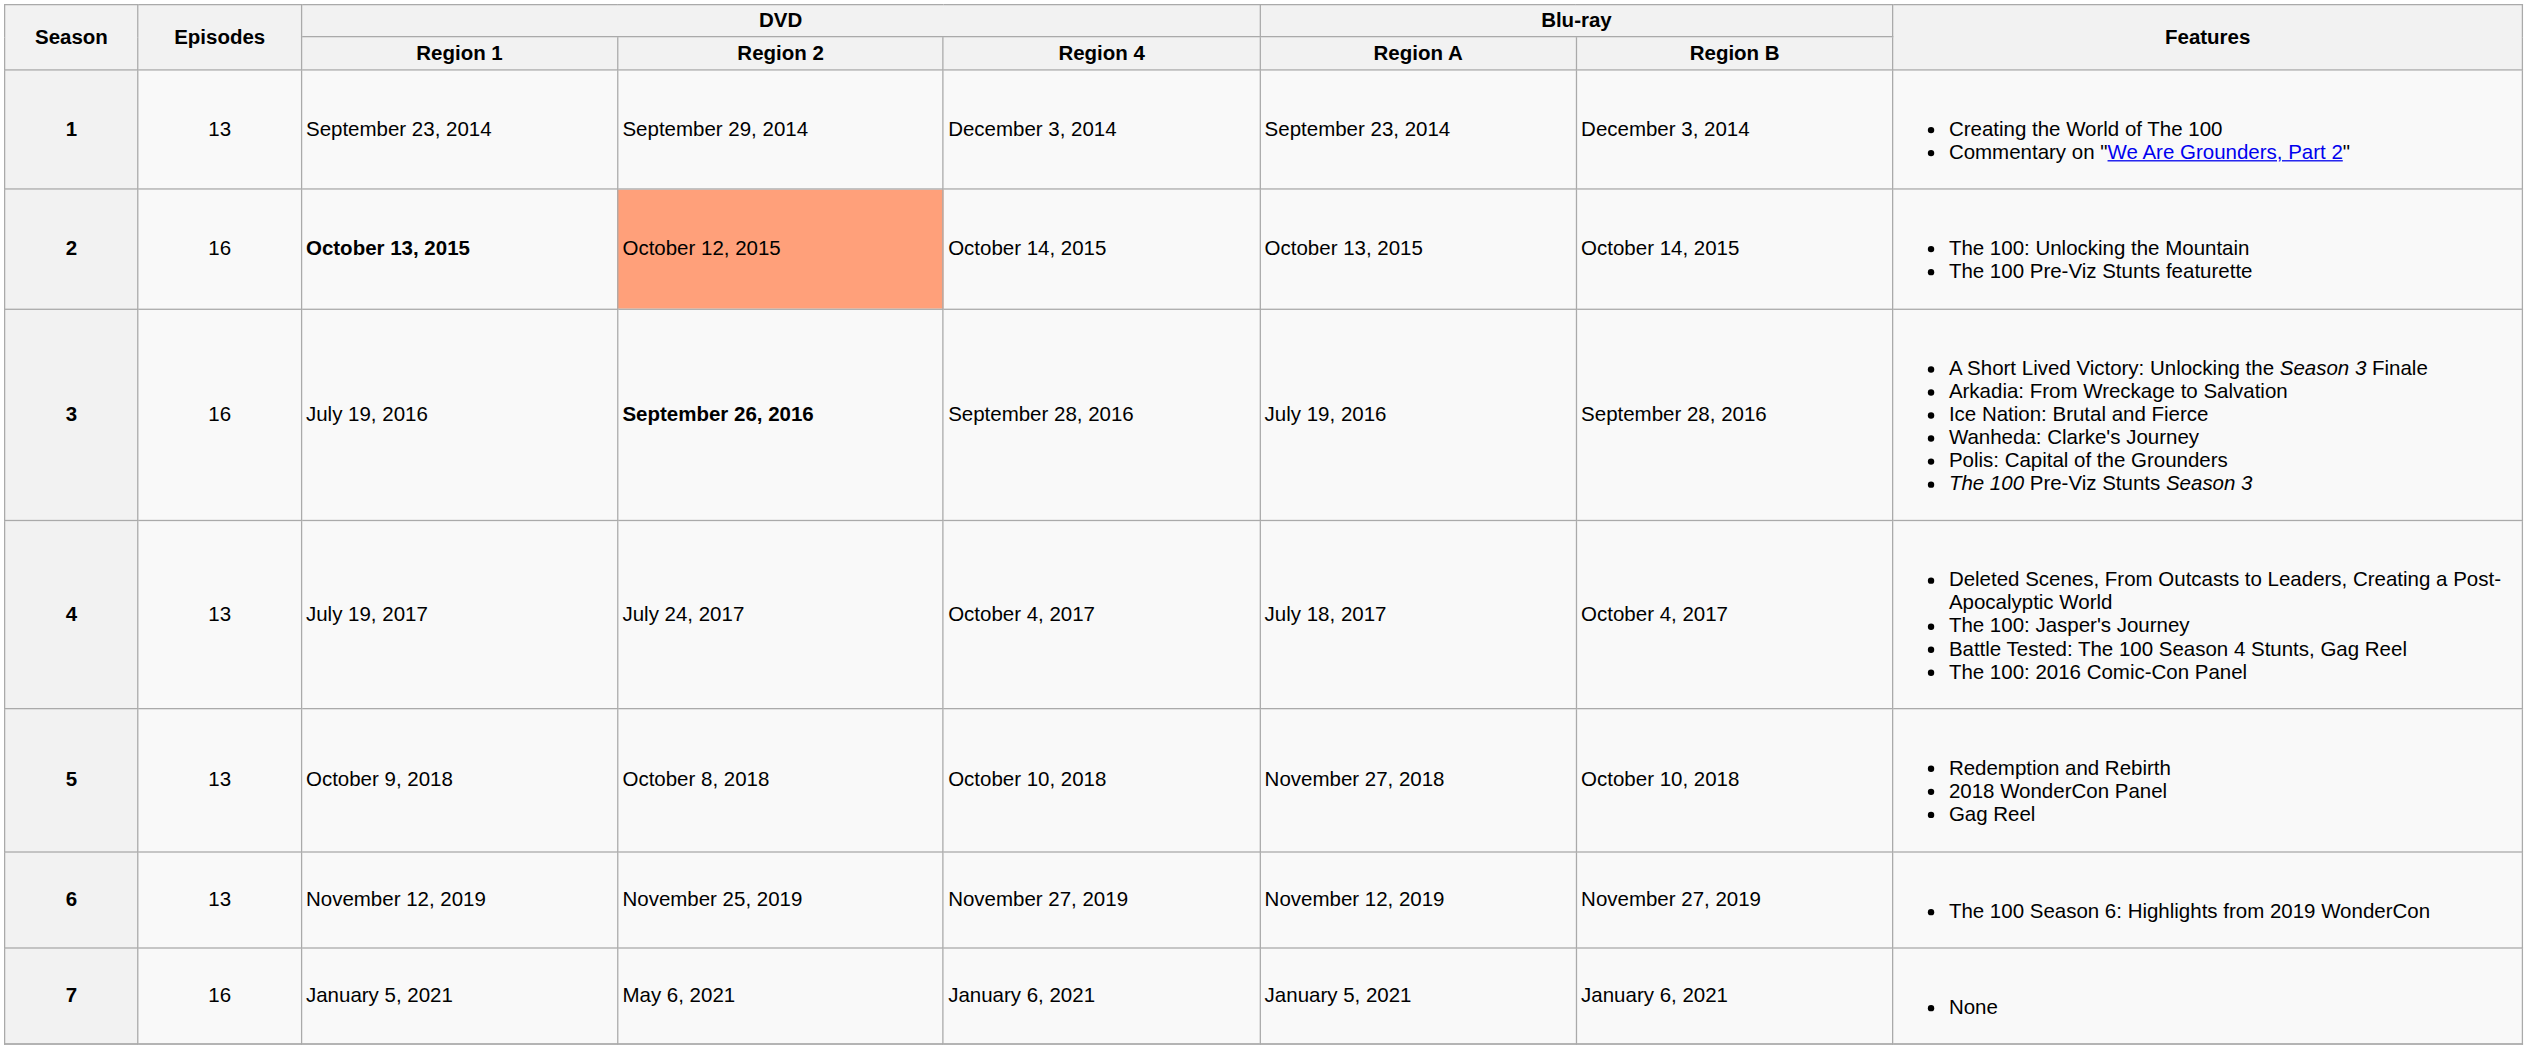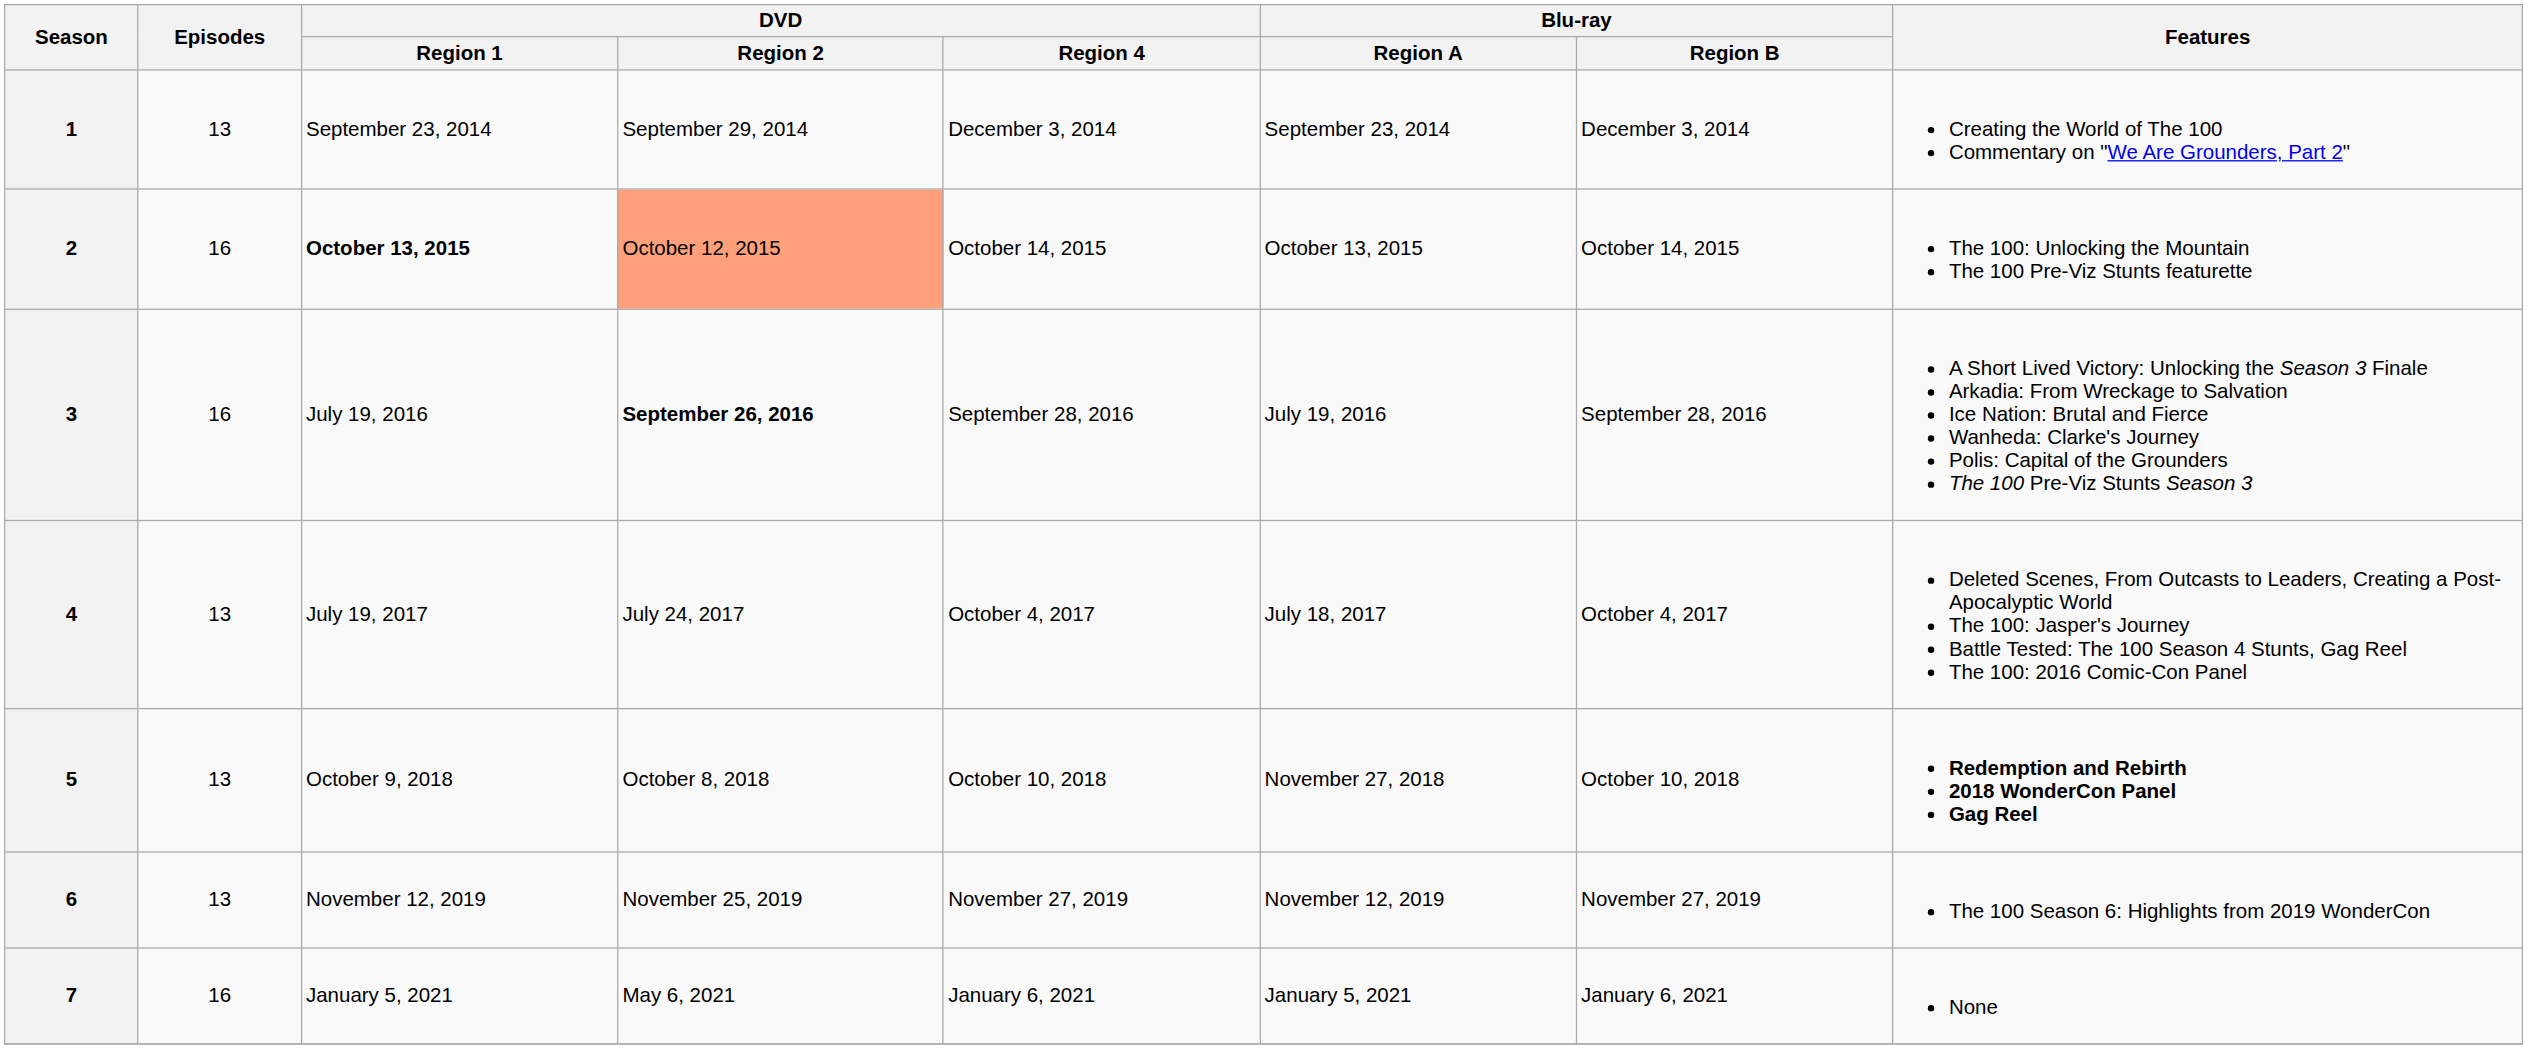 <table class="wikitable">
 <tr>
 <th scope="col" rowspan="2">Season</th>
 <th scope="col" rowspan="2">Episodes</th>
 <th scope="col" colspan="3">DVD</th>
 <th scope="col" colspan="2">Blu-ray</th>
 <th scope="col" rowspan="2" style="width:25%">Features</th>
 </tr>
 <tr>
 <th scope="col">Region 1</th>
 <th scope="col">Region 2</th>
 <th scope="col">Region 4</th>
 <th scope="col">Region A</th>
 <th scope="col">Region B</th>
 </tr>
 <tr>
 <th scope="row">1</th>
 <td style="text-align:center;">13</td>
 <td>September 23, 2014</td>
 <td>September 29, 2014</td>
 <td>December 3, 2014</td>
 <td>September 23, 2014</td>
 <td>December 3, 2014</td>
 <td><br><ul><li>Creating the World of The 100</li><li>Commentary on "<a href='#'>We Are Grounders, Part 2</a>"</li></ul></td>
 </tr>
 <tr>
 <th scope="row">2</th>
 <td style="text-align:center;">16</td>
 <td><strong>October 13, 2015</strong></td>
 <td style="background: lightsalmon;">October 12, 2015</td>
 <td>October 14, 2015</td>
 <td>October 13, 2015</td>
 <td>October 14, 2015</td>
 <td><br><ul><li>The 100: Unlocking the Mountain</li><li>The 100 Pre-Viz Stunts featurette</li></ul></td>
 </tr>
 <tr>
 <th scope="row">3</th>
 <td style="text-align:center;">16</td>
 <td>July 19, 2016</td>
 <td><strong>September 26, 2016</strong></td>
 <td>September 28, 2016</td>
 <td>July 19, 2016</td>
 <td>September 28, 2016</td>
 <td><br><ul><li>A Short Lived Victory: Unlocking the <em>Season 3</em> Finale</li><li>Arkadia: From Wreckage to Salvation</li><li>Ice Nation: Brutal and Fierce</li><li>Wanheda: Clarke's Journey</li><li>Polis: Capital of the Grounders</li><li><em>The 100</em> Pre-Viz Stunts <em>Season 3</em></li></ul></td>
 </tr>
 <tr>
 <th scope="row">4</th>
 <td style="text-align:center;">13</td>
 <td>July 19, 2017</td>
 <td>July 24, 2017</td>
 <td>October 4, 2017</td>
 <td>July 18, 2017</td>
 <td>October 4, 2017</td>
 <td><br><ul><li>Deleted Scenes, From Outcasts to Leaders, Creating a Post-Apocalyptic World</li><li>The 100: Jasper's Journey</li><li>Battle Tested: The 100 Season 4 Stunts, Gag Reel</li><li>The 100: 2016 Comic-Con Panel</li></ul></td>
 </tr>
 <tr>
 <th scope="row">5</th>
 <td style="text-align:center;">13</td>
 <td>October 9, 2018</td>
 <td>October 8, 2018</td>
 <td>October 10, 2018</td>
 <td>November 27, 2018</td>
 <td>October 10, 2018</td>
-<td><br><ul><li>Redemption and Rebirth</li><li>2018 WonderCon Panel</li><li>Gag Reel</li></ul></td>
+<td><strong><br><ul><li>Redemption and Rebirth</li><li>2018 WonderCon Panel</li><li>Gag Reel</li></ul></strong></td>
 </tr>
 <tr>
 <th scope="row">6</th>
 <td style="text-align:center;">13</td>
 <td>November 12, 2019</td>
 <td>November 25, 2019</td>
 <td>November 27, 2019</td>
 <td>November 12, 2019</td>
 <td>November 27, 2019</td>
 <td><br><ul><li>The 100 Season 6: Highlights from 2019 WonderCon</li></ul></td>
 </tr>
 <tr>
 <th>7</th>
 <td style="text-align:center;">16</td>
 <td>January 5, 2021</td>
 <td>May 6, 2021</td>
 <td>January 6, 2021</td>
 <td>January 5, 2021</td>
 <td>January 6, 2021</td>
 <td><br><ul><li>None</li></ul></td>
 </tr>
 <tr>
 </tr>
 </table>
